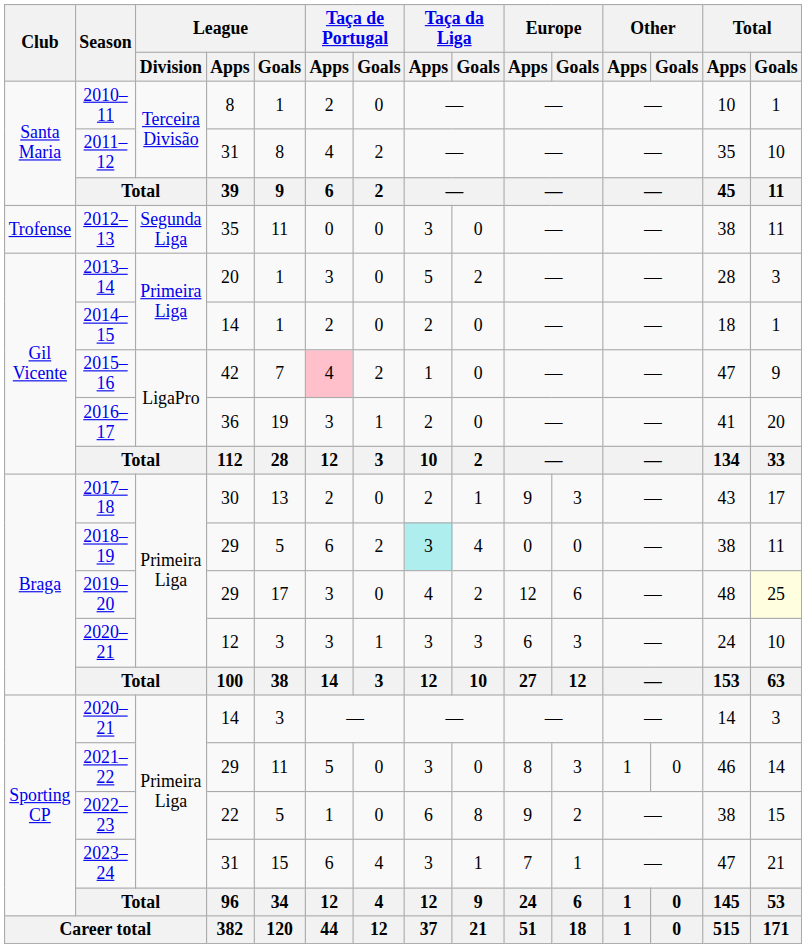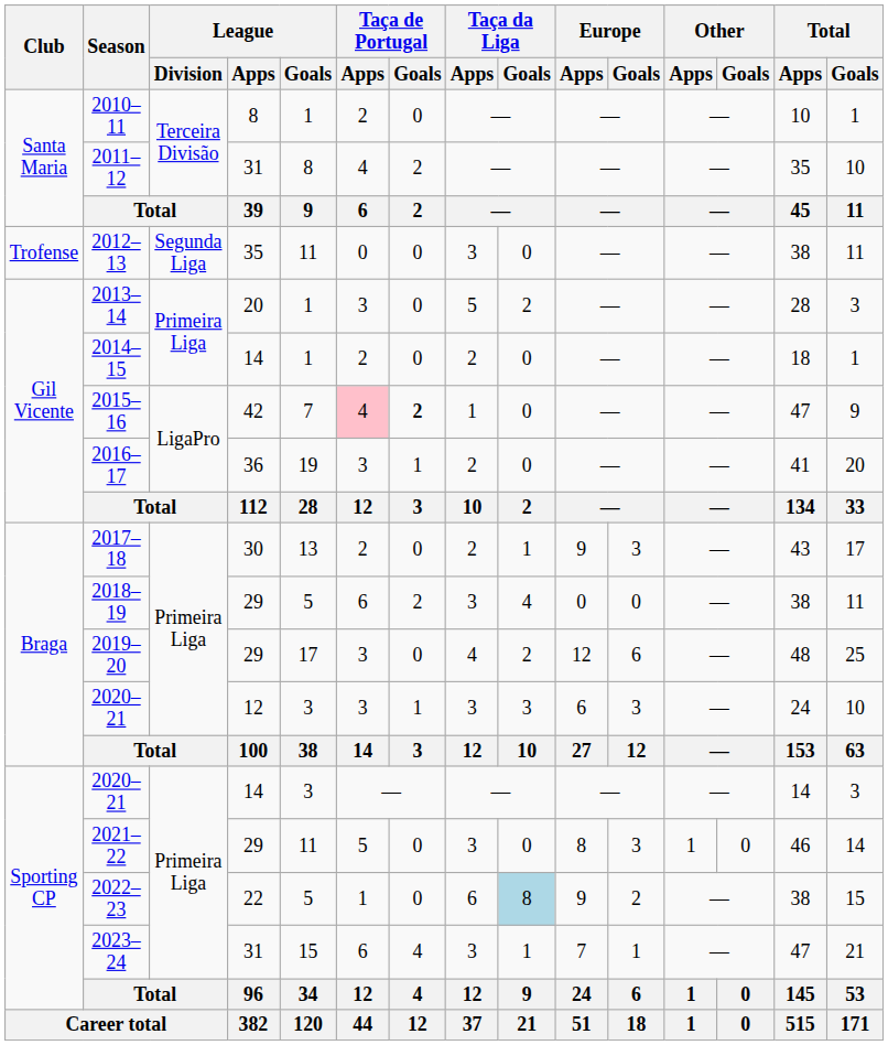 <table class="wikitable" style="text-align:center">
 <tr>
 <th rowspan="2">Club</th>
 <th rowspan="2">Season</th>
 <th colspan="3">League</th>
 <th colspan="2"><a href='#'>Taça de Portugal</a></th>
 <th colspan="2"><a href='#'>Taça da Liga</a></th>
 <th colspan="2">Europe</th>
 <th colspan="2">Other</th>
 <th colspan="2">Total</th>
 </tr>
 <tr>
 <th>Division</th>
 <th>Apps</th>
 <th>Goals</th>
 <th>Apps</th>
 <th>Goals</th>
 <th>Apps</th>
 <th>Goals</th>
 <th>Apps</th>
 <th>Goals</th>
 <th>Apps</th>
 <th>Goals</th>
 <th>Apps</th>
 <th>Goals</th>
 </tr>
 <tr>
 <td rowspan="3"><a href='#'>Santa Maria</a></td>
 <td><a href='#'>2010–11</a></td>
 <td rowspan="2"><a href='#'>Terceira Divisão</a></td>
 <td>8</td>
 <td>1</td>
 <td>2</td>
 <td>0</td>
 <td colspan="2">—</td>
 <td colspan="2">—</td>
 <td colspan="2">—</td>
 <td>10</td>
 <td>1</td>
 </tr>
 <tr>
 <td><a href='#'>2011–12</a></td>
 <td>31</td>
 <td>8</td>
 <td>4</td>
 <td>2</td>
 <td colspan="2">—</td>
 <td colspan="2">—</td>
 <td colspan="2">—</td>
 <td>35</td>
 <td>10</td>
 </tr>
 <tr>
 <th colspan="2">Total</th>
 <th>39</th>
 <th>9</th>
 <th>6</th>
 <th>2</th>
 <th colspan="2">—</th>
 <th colspan="2">—</th>
 <th colspan="2">—</th>
 <th>45</th>
 <th>11</th>
 </tr>
 <tr>
 <td><a href='#'>Trofense</a></td>
 <td><a href='#'>2012–13</a></td>
 <td><a href='#'>Segunda Liga</a></td>
 <td>35</td>
 <td>11</td>
 <td>0</td>
 <td>0</td>
 <td>3</td>
 <td>0</td>
 <td colspan="2">—</td>
 <td colspan="2">—</td>
 <td>38</td>
 <td>11</td>
 </tr>
 <tr>
 <td rowspan="5"><a href='#'>Gil Vicente</a></td>
 <td><a href='#'>2013–14</a></td>
 <td rowspan="2"><a href='#'>Primeira Liga</a></td>
 <td>20</td>
 <td>1</td>
 <td>3</td>
 <td>0</td>
 <td>5</td>
 <td>2</td>
 <td colspan="2">—</td>
 <td colspan="2">—</td>
 <td>28</td>
 <td>3</td>
 </tr>
 <tr>
 <td><a href='#'>2014–15</a></td>
 <td>14</td>
 <td>1</td>
 <td>2</td>
 <td>0</td>
 <td>2</td>
 <td>0</td>
 <td colspan="2">—</td>
 <td colspan="2">—</td>
 <td>18</td>
 <td>1</td>
 </tr>
 <tr>
 <td><a href='#'>2015–16</a></td>
 <td rowspan="2">LigaPro</td>
 <td>42</td>
 <td>7</td>
 <td style="background: pink;">4</td>
-<td>2</td>
+<td><strong>2</strong></td>
 <td>1</td>
 <td>0</td>
 <td colspan="2">—</td>
 <td colspan="2">—</td>
 <td>47</td>
 <td>9</td>
 </tr>
 <tr>
 <td><a href='#'>2016–17</a></td>
 <td>36</td>
 <td>19</td>
 <td>3</td>
 <td>1</td>
 <td>2</td>
 <td>0</td>
 <td colspan="2">—</td>
 <td colspan="2">—</td>
 <td>41</td>
 <td>20</td>
 </tr>
 <tr>
 <th colspan="2">Total</th>
 <th>112</th>
 <th>28</th>
 <th>12</th>
 <th>3</th>
 <th>10</th>
 <th>2</th>
 <th colspan="2">—</th>
 <th colspan="2">—</th>
 <th>134</th>
 <th>33</th>
 </tr>
 <tr>
 <td rowspan="5"><a href='#'>Braga</a></td>
 <td><a href='#'>2017–18</a></td>
 <td rowspan="4">Primeira Liga</td>
 <td>30</td>
 <td>13</td>
 <td>2</td>
 <td>0</td>
 <td>2</td>
 <td>1</td>
 <td>9</td>
 <td>3</td>
 <td colspan="2">—</td>
 <td>43</td>
 <td>17</td>
 </tr>
 <tr>
 <td><a href='#'>2018–19</a></td>
 <td>29</td>
 <td>5</td>
 <td>6</td>
 <td>2</td>
-<td style="background: paleturquoise;">3</td>
+<td>3</td>
 <td>4</td>
 <td>0</td>
 <td>0</td>
 <td colspan="2">—</td>
 <td>38</td>
 <td>11</td>
 </tr>
 <tr>
 <td><a href='#'>2019–20</a></td>
 <td>29</td>
 <td>17</td>
 <td>3</td>
 <td>0</td>
 <td>4</td>
 <td>2</td>
 <td>12</td>
 <td>6</td>
 <td colspan="2">—</td>
 <td>48</td>
-<td style="background: lightyellow;">25</td>
+<td>25</td>
 </tr>
 <tr>
 <td><a href='#'>2020–21</a></td>
 <td>12</td>
 <td>3</td>
 <td>3</td>
 <td>1</td>
 <td>3</td>
 <td>3</td>
 <td>6</td>
 <td>3</td>
 <td colspan="2">—</td>
 <td>24</td>
 <td>10</td>
 </tr>
 <tr>
 <th colspan="2">Total</th>
 <th>100</th>
 <th>38</th>
 <th>14</th>
 <th>3</th>
 <th>12</th>
 <th>10</th>
 <th>27</th>
 <th>12</th>
 <th colspan="2">—</th>
 <th>153</th>
 <th>63</th>
 </tr>
 <tr>
 <td rowspan="5"><a href='#'>Sporting CP</a></td>
 <td><a href='#'>2020–21</a></td>
 <td rowspan="4">Primeira Liga</td>
 <td>14</td>
 <td>3</td>
 <td colspan="2">—</td>
 <td colspan="2">—</td>
 <td colspan="2">—</td>
 <td colspan="2">—</td>
 <td>14</td>
 <td>3</td>
 </tr>
 <tr>
 <td><a href='#'>2021–22</a></td>
 <td>29</td>
 <td>11</td>
 <td>5</td>
 <td>0</td>
 <td>3</td>
 <td>0</td>
 <td>8</td>
 <td>3</td>
 <td>1</td>
 <td>0</td>
 <td>46</td>
 <td>14</td>
 </tr>
 <tr>
 <td><a href='#'>2022–23</a></td>
 <td>22</td>
 <td>5</td>
 <td>1</td>
 <td>0</td>
 <td>6</td>
-<td>8</td>
+<td style="background: lightblue;">8</td>
 <td>9</td>
 <td>2</td>
 <td colspan="2">—</td>
 <td>38</td>
 <td>15</td>
 </tr>
 <tr>
 <td><a href='#'>2023–24</a></td>
 <td>31</td>
 <td>15</td>
 <td>6</td>
 <td>4</td>
 <td>3</td>
 <td>1</td>
 <td>7</td>
 <td>1</td>
 <td colspan="2">—</td>
 <td>47</td>
 <td>21</td>
 </tr>
 <tr>
 <th colspan="2">Total</th>
 <th>96</th>
 <th>34</th>
 <th>12</th>
 <th>4</th>
 <th>12</th>
 <th>9</th>
 <th>24</th>
 <th>6</th>
 <th>1</th>
 <th>0</th>
 <th>145</th>
 <th>53</th>
 </tr>
 <tr>
 <th colspan="3">Career total</th>
 <th>382</th>
 <th>120</th>
 <th>44</th>
 <th>12</th>
 <th>37</th>
 <th>21</th>
 <th>51</th>
 <th>18</th>
 <th>1</th>
 <th>0</th>
 <th>515</th>
 <th>171</th>
 </tr>
 </table>
